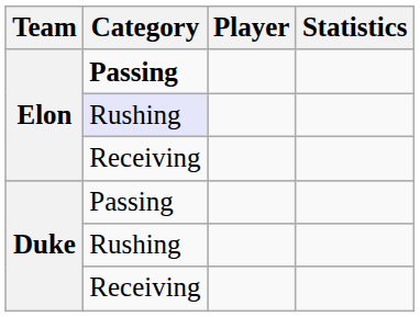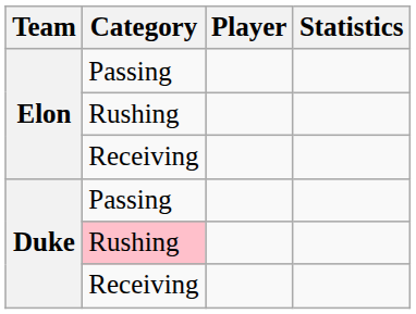 <table class="wikitable" style="float:right">
 <tr>
 <th>Team</th>
 <th>Category</th>
 <th>Player</th>
 <th>Statistics</th>
 </tr>
 <tr>
 <th rowspan=3>Elon</th>
-<td><strong>Passing</strong></td>
+<td>Passing</td>
 <td></td>
 <td></td>
 </tr>
 <tr>
-<td style="background: lavender;">Rushing</td>
+<td>Rushing</td>
 <td></td>
 <td></td>
 </tr>
 <tr>
 <td>Receiving</td>
 <td></td>
 <td></td>
 </tr>
 <tr>
 <th rowspan=3>Duke</th>
 <td>Passing</td>
 <td></td>
 <td></td>
 </tr>
 <tr>
-<td>Rushing</td>
+<td style="background: pink;">Rushing</td>
 <td></td>
 <td></td>
 </tr>
 <tr>
 <td>Receiving</td>
 <td></td>
 <td></td>
 </tr>
 </table>
